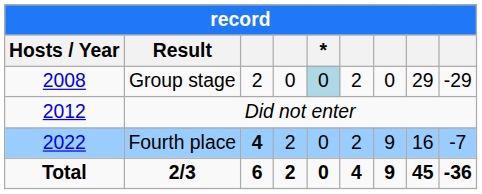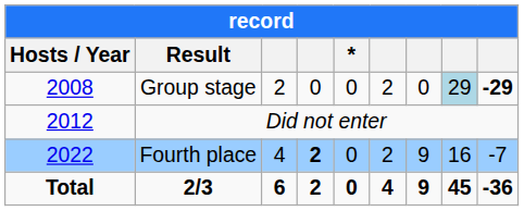 <table class="wikitable mw-collapsible" style="text-align: center;font-size:100%;">
 <tr>
 <th colspan="9" style="background: #2077F8; color: white;"><a href='#'></a> record</th>
 </tr>
 <tr>
 <th>Hosts / Year</th>
 <th>Result</th>
 <th width=20></th>
 <th width=20></th>
 <th width=20>*</th>
 <th width=20></th>
 <th width=20></th>
 <th width=20></th>
 <th width=20></th>
 </tr>
 <tr>
 <td> <a href='#'>2008</a></td>
 <td>Group stage</td>
 <td>2</td>
 <td>0</td>
-<td style="background: lightblue;">0</td>
+<td>0</td>
 <td>2</td>
 <td>0</td>
-<td>29</td>
-<td>-29</td>
+<td style="background: lightblue;">29</td>
+<td><strong>-29</strong></td>
 </tr>
 <tr>
 <td> <a href='#'>2012</a></td>
 <td colspan=8><em>Did not enter</em></td>
 </tr>
 <tr style="background:#9acdff;">
 <td> <a href='#'>2022</a></td>
 <td>Fourth place</td>
-<td><strong>4</strong></td>
-<td>2</td>
+<td>4</td>
+<td><strong>2</strong></td>
 <td>0</td>
 <td>2</td>
 <td>9</td>
 <td>16</td>
 <td>-7</td>
 </tr>
 <tr>
 <td><strong>Total</strong></td>
 <td><strong>2/3</strong></td>
 <td><strong>6</strong></td>
 <td><strong>2</strong></td>
 <td><strong>0</strong></td>
 <td><strong>4</strong></td>
 <td><strong>9</strong></td>
 <td><strong>45</strong></td>
 <td><strong>-36</strong></td>
 </tr>
 </table>
